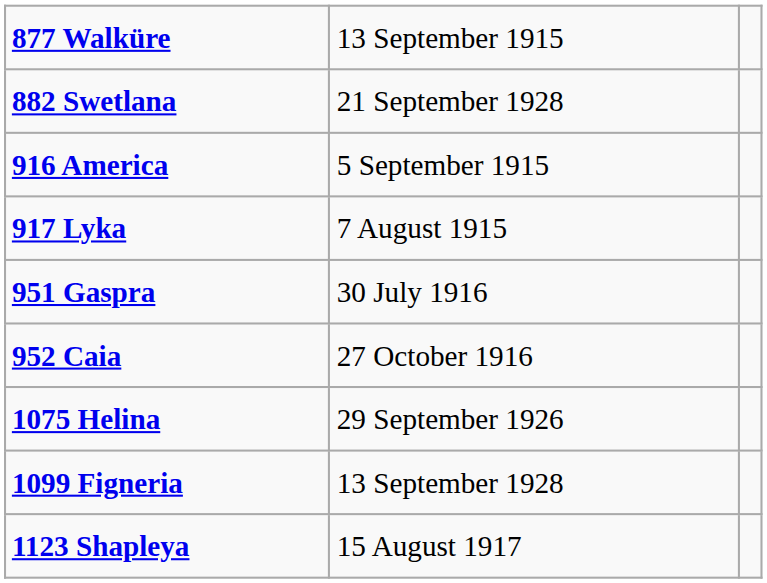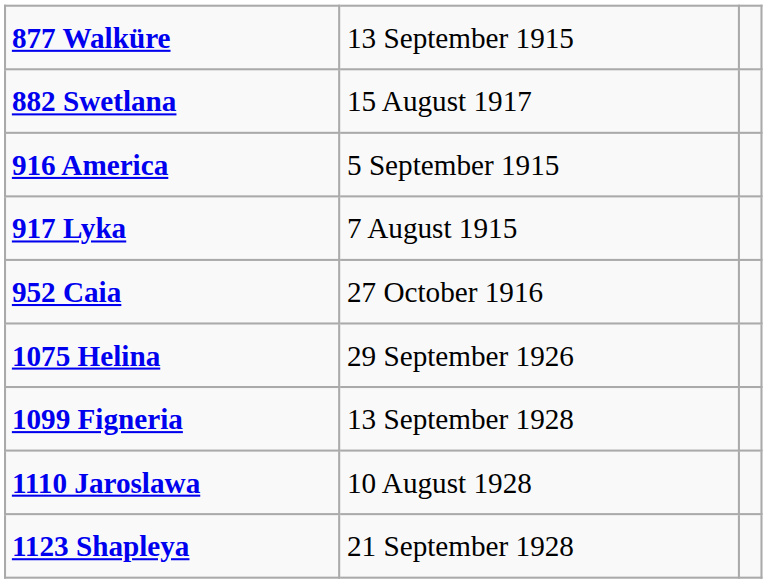 <table class="wikitable" style="font-size: 89%; float: left; width: 26em; margin-right: 1em; height: 280px;">
 <tr>
 <td><strong><a href='#'>877 Walküre</a></strong></td>
 <td>13 September 1915</td>
 <td></td>
 </tr>
 <tr>
 <td><strong><a href='#'>882 Swetlana</a></strong></td>
-<td>21 September 1928</td>
+<td>15 August 1917</td>
 <td></td>
 </tr>
 <tr>
 <td><strong><a href='#'>916 America</a></strong></td>
 <td>5 September 1915</td>
 <td></td>
 </tr>
 <tr>
 <td><strong><a href='#'>917 Lyka</a></strong></td>
 <td>7 August 1915</td>
-<td></td>
-</tr>
-<tr>
-<td><strong><a href='#'>951 Gaspra</a></strong></td>
-<td>30 July 1916</td>
 <td></td>
 </tr>
 <tr>
 <td><strong><a href='#'>952 Caia</a></strong></td>
 <td>27 October 1916</td>
 <td></td>
 </tr>
 <tr>
 <td><strong><a href='#'>1075 Helina</a></strong></td>
 <td>29 September 1926</td>
 <td></td>
 </tr>
 <tr>
 <td><strong><a href='#'>1099 Figneria</a></strong></td>
 <td>13 September 1928</td>
 <td></td>
 </tr>
 <tr>
+<td><strong><a href='#'>1110 Jaroslawa</a></strong></td>
+<td>10 August 1928</td>
+<td></td>
+</tr>
+<tr>
 <td><strong><a href='#'>1123 Shapleya</a></strong></td>
-<td>15 August 1917</td>
+<td>21 September 1928</td>
 <td></td>
 </tr>
 </table>
